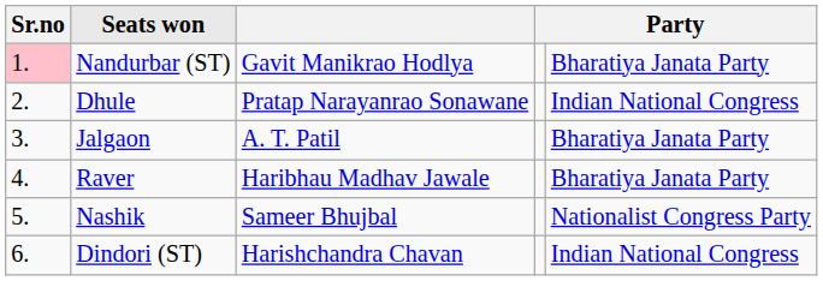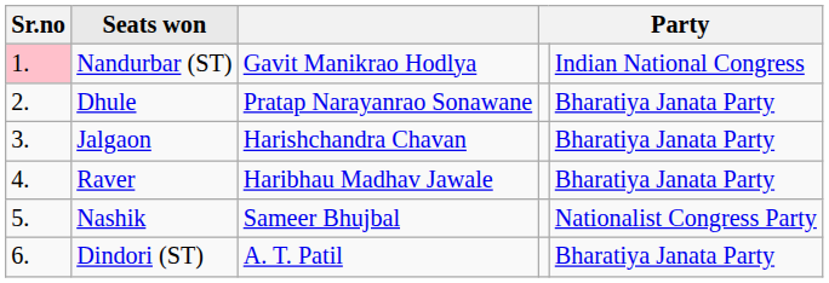 <table class="wikitable sortable">
 <tr>
 <th>Sr.no</th>
 <th valign="top" align="left" style="background-color:#E9E9E9">Seats won</th>
 <th></th>
 <th colspan="2">Party</th>
 </tr>
 <tr>
 <td style="background: pink;">1.</td>
 <td><a href='#'>Nandurbar</a> (ST)</td>
 <td><a href='#'>Gavit Manikrao Hodlya</a></td>
 <td style="background-color: "></td>
-<td><a href='#'>Bharatiya Janata Party</a></td>
+<td><a href='#'>Indian National Congress</a></td>
 </tr>
 <tr>
 <td>2.</td>
 <td><a href='#'>Dhule</a></td>
 <td><a href='#'>Pratap Narayanrao Sonawane</a></td>
 <td style="background-color:"></td>
-<td><a href='#'>Indian National Congress</a></td>
+<td><a href='#'>Bharatiya Janata Party</a></td>
 </tr>
 <tr>
 <td>3.</td>
 <td><a href='#'>Jalgaon</a></td>
-<td><a href='#'>A. T. Patil</a></td>
+<td><a href='#'>Harishchandra Chavan</a></td>
 <td style="background-color:"></td>
 <td><a href='#'>Bharatiya Janata Party</a></td>
 </tr>
 <tr>
 <td>4.</td>
 <td><a href='#'>Raver</a></td>
 <td><a href='#'>Haribhau Madhav Jawale</a></td>
 <td style="background-color:"></td>
 <td><a href='#'>Bharatiya Janata Party</a></td>
 </tr>
 <tr>
 <td>5.</td>
 <td><a href='#'>Nashik</a></td>
 <td><a href='#'>Sameer Bhujbal</a></td>
 <td style="background-color: "></td>
 <td><a href='#'>Nationalist Congress Party</a></td>
 </tr>
 <tr>
 <td>6.</td>
 <td><a href='#'>Dindori</a> (ST)</td>
-<td><a href='#'>Harishchandra Chavan</a></td>
+<td><a href='#'>A. T. Patil</a></td>
 <td style="background-color:"></td>
-<td><a href='#'>Indian National Congress</a></td>
+<td><a href='#'>Bharatiya Janata Party</a></td>
 </tr>
 </table>
